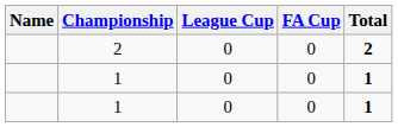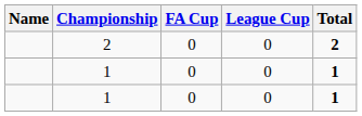 <table class="wikitable sortable" style="text-align:center; font-size:95%">
 <tr>
 <th>Name</th>
 <th><a href='#'>Championship</a></th>
+<th><a href='#'>FA Cup</a></th>
 <th><a href='#'>League Cup</a></th>
-<th><a href='#'>FA Cup</a></th>
 <th>Total</th>
 </tr>
 <tr>
 <td></td>
 <td>2</td>
 <td>0</td>
 <td>0</td>
 <td> <strong>2</strong></td>
 </tr>
 <tr>
 <td></td>
 <td>1</td>
 <td>0</td>
 <td>0</td>
 <td> <strong>1</strong></td>
 </tr>
 <tr>
 <td></td>
 <td>1</td>
 <td>0</td>
 <td>0</td>
 <td> <strong>1</strong></td>
 </tr>
 </table>
